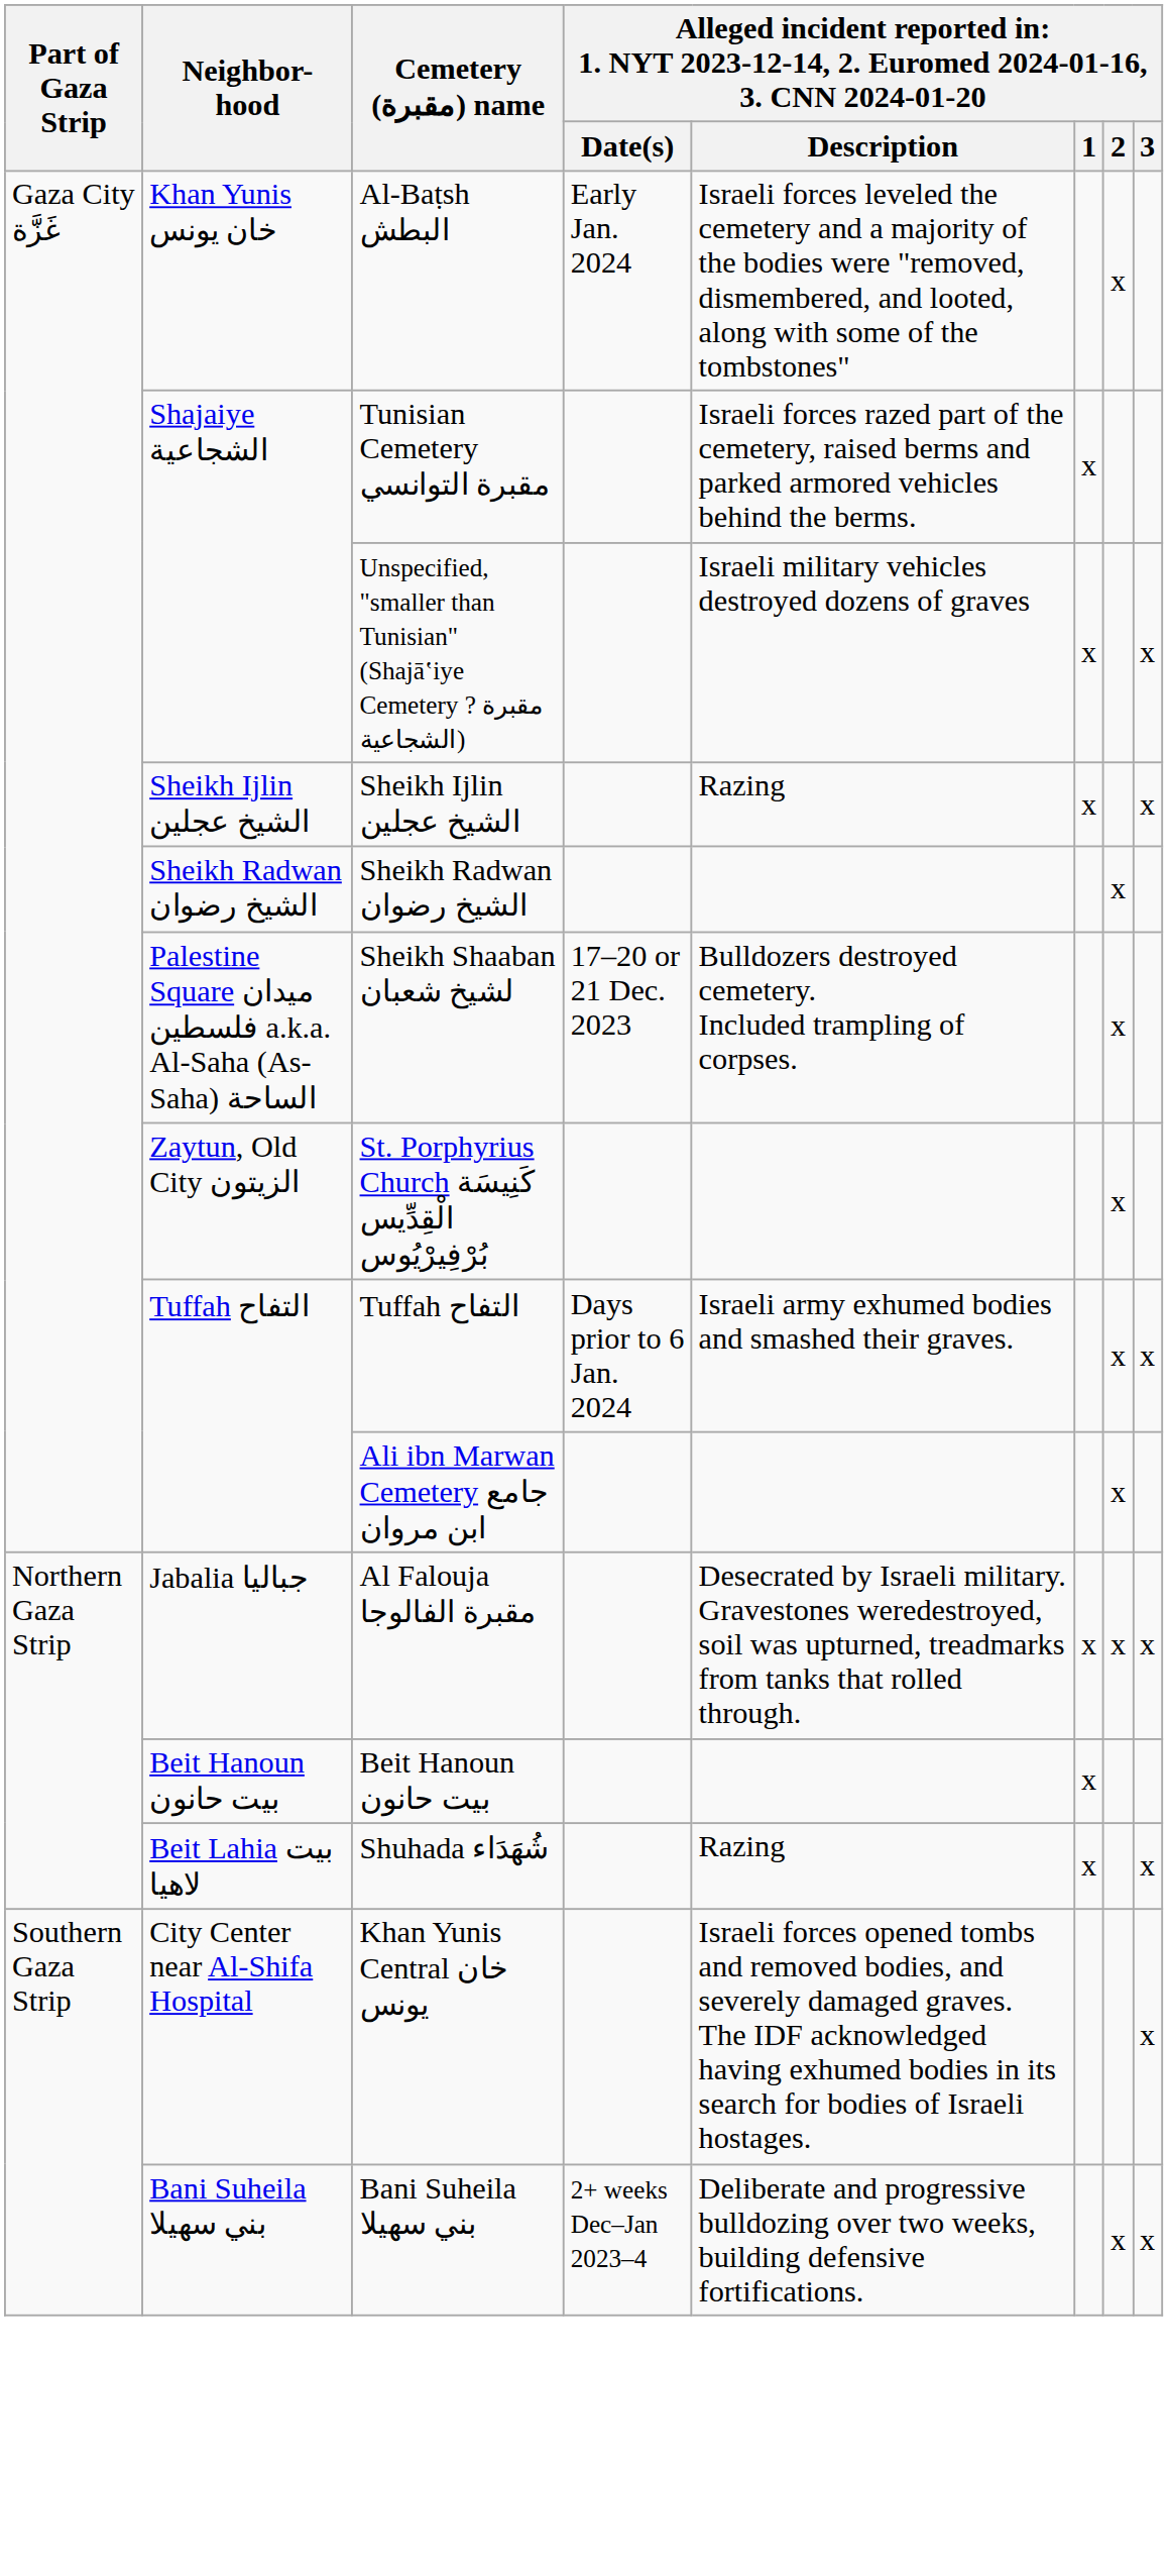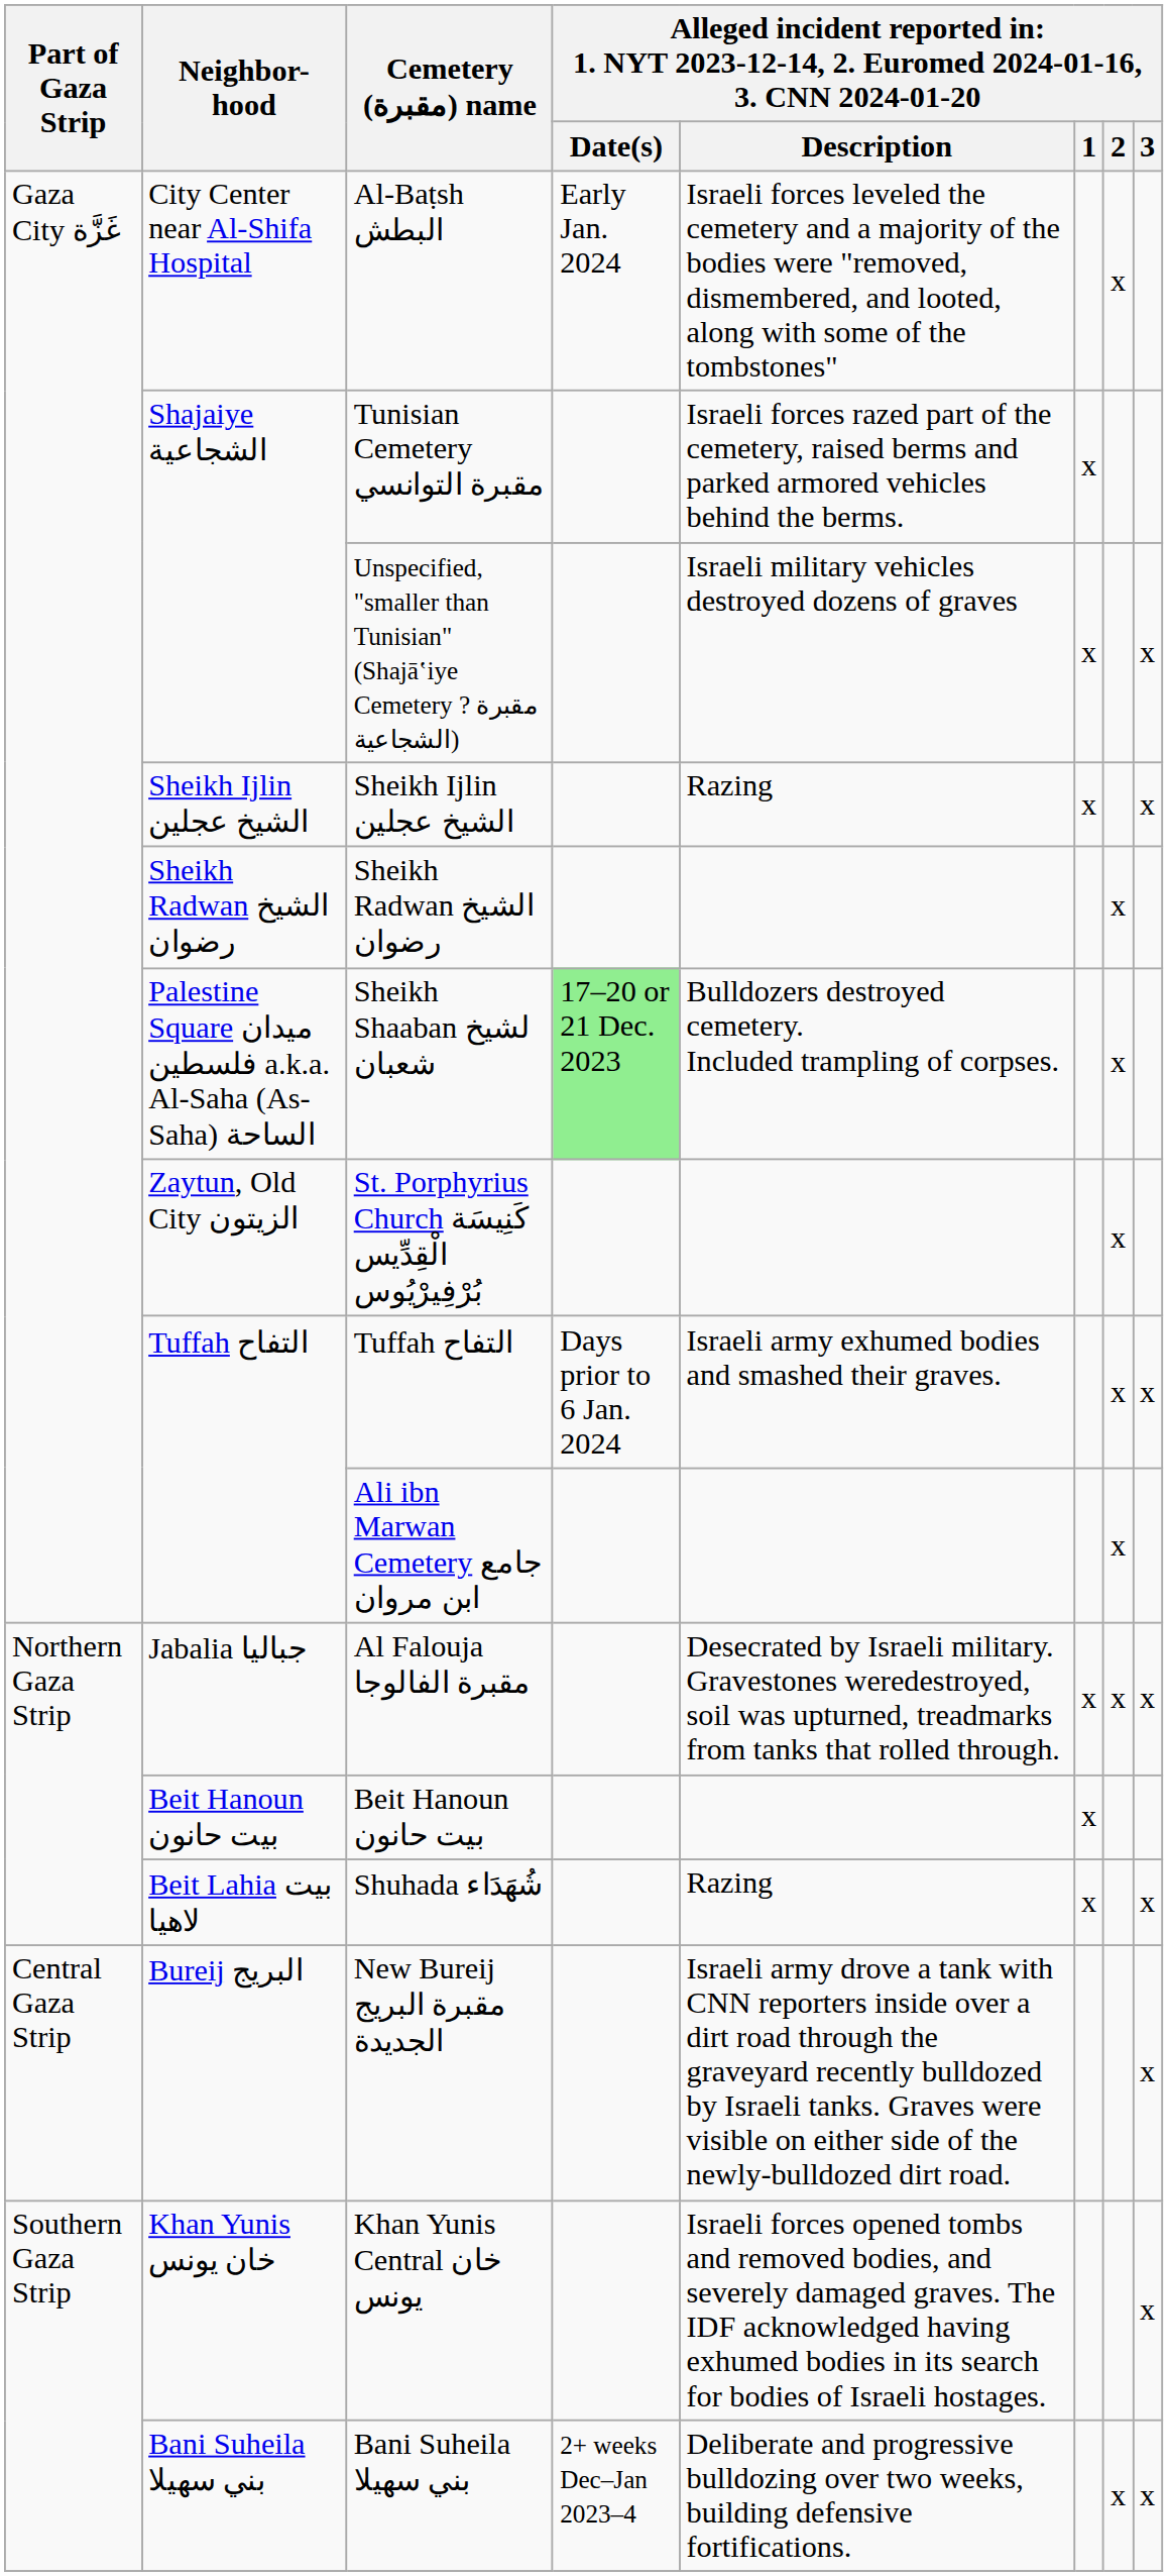 <table class="wikitable static-row-numbers floatright">
 <tr>
 <th rowspan=2>Part of Gaza Strip</th>
 <th rowspan=2>Neighbor-<br>hood</th>
 <th rowspan=2>Cemetery (مقبرة) name</th>
 <th colspan = 5>Alleged incident reported in:<br>1. NYT 2023-12-14, 2. Euromed 2024-01-16, 3. CNN 2024-01-20</th>
 </tr>
 <tr>
 <th>Date(s)</th>
 <th>Description</th>
 <th>1</th>
 <th>2</th>
 <th>3</th>
 </tr>
 <tr>
 <td style="vertical-align:top;" rowspan=9>Gaza City غَزَّة</td>
-<td style="vertical-align:top;"><a href='#'>Khan Yunis</a> خان يونس</td>
+<td style="vertical-align:top;">City Center near <a href='#'>Al-Shifa Hospital</a></td>
 <td style="vertical-align:top;">Al-Baṭsh البطش</td>
 <td style="vertical-align:top;">Early Jan. 2024</td>
 <td style="vertical-align:top;">Israeli forces leveled the cemetery and a majority of the bodies were "removed, dismembered, and looted, along with some of the tombstones"</td>
 <td></td>
 <td style=text-align:center>x</td>
 <td></td>
 </tr>
 <tr>
 <td style="vertical-align:top;" rowspan=2><a href='#'>Shajaiye</a> الشجاعية</td>
 <td style="vertical-align:top;">Tunisian Cemetery <br> مقبرة التوانسي</td>
 <td style="vertical-align:top;"></td>
 <td style="vertical-align:top;">Israeli forces razed part of the cemetery, raised berms and parked armored vehicles behind the berms.</td>
 <td style=text-align:center>x</td>
 <td></td>
 <td></td>
 </tr>
 <tr>
 <td style="vertical-align:top;row-height↔︎:110%"><small>Unspecified, "smaller than Tunisian" (Shajā‛iye Cemetery ? مقبرة الشجاعية)</small></td>
 <td style="vertical-align:top;"></td>
 <td style="vertical-align:top;">Israeli military vehicles destroyed dozens of graves</td>
 <td style=text-align:center>x</td>
 <td></td>
 <td style=text-align:center>x</td>
 </tr>
 <tr>
 <td style="vertical-align:top;"><a href='#'>Sheikh Ijlin</a> الشيخ عجلين</td>
 <td style="vertical-align:top;">Sheikh Ijlin الشيخ عجلين</td>
 <td style="vertical-align:top;"></td>
 <td style="vertical-align:top;">Razing</td>
 <td style=text-align:center>x</td>
 <td></td>
 <td style=text-align:center>x</td>
 </tr>
 <tr>
 <td style="vertical-align:top;"><a href='#'>Sheikh Radwan</a> الشيخ رضوان</td>
 <td style="vertical-align:top;">Sheikh Radwan الشيخ رضوان</td>
 <td></td>
 <td></td>
 <td></td>
 <td style=text-align:center>x</td>
 <td></td>
 </tr>
 <tr>
 <td style="vertical-align:top;"><a href='#'>Palestine Square</a> ميدان فلسطين a.k.a. Al-Saha (As-Saha) الساحة</td>
 <td style="vertical-align:top;">Sheikh Shaaban لشيخ شعبان</td>
-<td style="vertical-align:top;">17–20 or 21 Dec. 2023</td>
+<td style="background: lightgreen; vertical-align:top;">17–20 or 21 Dec. 2023</td>
 <td style="vertical-align:top;">Bulldozers destroyed cemetery.<br>Included trampling of corpses.</td>
 <td></td>
 <td style=text-align:center>x</td>
 <td></td>
 </tr>
 <tr>
 <td style="vertical-align:top;"><a href='#'>Zaytun</a>, Old City الزيتون</td>
 <td style="vertical-align:top;"><a href='#'>St. Porphyrius Church</a> كَنِيسَة الْقِدِّيس بُرْفِيرْيُوس</td>
 <td></td>
 <td></td>
 <td></td>
 <td style=text-align:center>x</td>
 <td></td>
 </tr>
 <tr>
 <td style="vertical-align:top;" rowspan=2><a href='#'>Tuffah</a> التفاح</td>
 <td style="vertical-align:top;">Tuffah التفاح</td>
 <td style="vertical-align:top;">Days prior to 6 Jan. 2024</td>
 <td style="vertical-align:top;">Israeli army exhumed bodies and smashed their graves.</td>
 <td></td>
 <td style=text-align:center>x</td>
 <td style=text-align:center>x</td>
 </tr>
 <tr>
 <td style="vertical-align:top;"><a href='#'>Ali ibn Marwan Cemetery</a> جامع ابن مروان</td>
 <td></td>
 <td></td>
 <td></td>
 <td style=text-align:center>x</td>
 <td></td>
 </tr>
 <tr>
 <td style="vertical-align:top;" rowspan=3>Northern Gaza Strip</td>
 <td style="vertical-align:top;">Jabalia جباليا</td>
 <td style="vertical-align:top;">Al Falouja  مقبرة الفالوجا</td>
 <td style="vertical-align:top;"></td>
 <td style="vertical-align:top;">Desecrated by Israeli military. Gravestones weredestroyed, soil was upturned, treadmarks from tanks that rolled through.</td>
 <td style=text-align:center>x</td>
 <td style=text-align:center>x</td>
 <td style=text-align:center>x</td>
 </tr>
 <tr>
 <td style="vertical-align:top;"><a href='#'>Beit Hanoun</a> بيت حانون</td>
 <td style="vertical-align:top;">Beit Hanoun بيت حانون</td>
 <td style="vertical-align:top;"></td>
 <td></td>
 <td style=text-align:center>x</td>
 <td></td>
 <td></td>
 </tr>
 <tr>
 <td style="vertical-align:top;"><a href='#'>Beit Lahia</a> بيت لاهيا</td>
 <td style="vertical-align:top;">Shuhada شُهَدَاء</td>
 <td style="vertical-align:top;"></td>
 <td style="vertical-align:top;">Razing</td>
 <td style=text-align:center>x</td>
 <td></td>
 <td style=text-align:center>x</td>
 </tr>
 <tr>
+<td style="vertical-align:top;">Central Gaza Strip</td>
+<td style="vertical-align:top;"><a href='#'>Bureij</a> البريج</td>
+<td style="vertical-align:top;">New Bureij  مقبرة البريج الجديدة</td>
+<td style="vertical-align:top;"></td>
+<td style="vertical-align:top;">Israeli army drove a tank with CNN reporters inside over a dirt road through the graveyard recently bulldozed by Israeli tanks. Graves were visible on either side of the newly-bulldozed dirt road.</td>
+<td></td>
+<td></td>
+<td style=text-align:center>x</td>
+</tr>
+<tr>
 <td style="vertical-align:top;" rowspan=2>Southern Gaza Strip</td>
-<td style="vertical-align:top;">City Center near <a href='#'>Al-Shifa Hospital</a></td>
+<td style="vertical-align:top;"><a href='#'>Khan Yunis</a> خان يونس</td>
 <td style="vertical-align:top;">Khan Yunis Central  خان يونس</td>
 <td style="vertical-align:top;"></td>
 <td style="vertical-align:top;">Israeli forces opened tombs and removed bodies, and severely damaged graves. The IDF acknowledged having exhumed bodies in its search for bodies of Israeli hostages.</td>
 <td></td>
 <td></td>
 <td style=text-align:center>x</td>
 </tr>
 <tr>
 <td style="vertical-align:top;"><a href='#'>Bani Suheila</a> بني سهيلا</td>
 <td style="vertical-align:top;">Bani Suheila بني سهيلا</td>
 <td style="vertical-align:top;row-height:110%;"><small>2+ weeks Dec–Jan 2023–4</small></td>
 <td style="vertical-align:top;">Deliberate and progressive bulldozing over two weeks, building defensive fortifications.</td>
 <td></td>
 <td style=text-align:center>x</td>
 <td style=text-align:center>x</td>
 </tr>
 </table>
